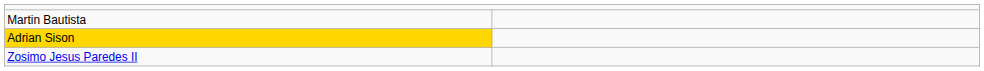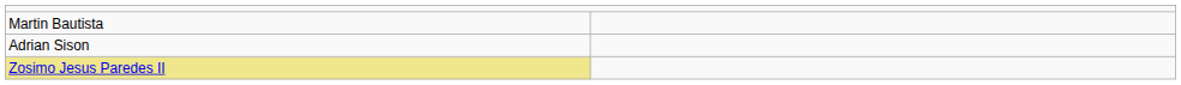 <table class=wikitable width=99% style="font-size:95%">
 <tr>
 <td colspan=4 bgcolor=></td>
 </tr>
 <tr>
 <td width=50%>Martin Bautista</td>
 <td></td>
 </tr>
 <tr>
-<td style="background: gold;">Adrian Sison</td>
+<td>Adrian Sison</td>
 <td></td>
 </tr>
 <tr>
-<td><a href='#'>Zosimo Jesus Paredes II</a></td>
+<td style="background: khaki;"><a href='#'>Zosimo Jesus Paredes II</a></td>
 <td></td>
 </tr>
 </table>
